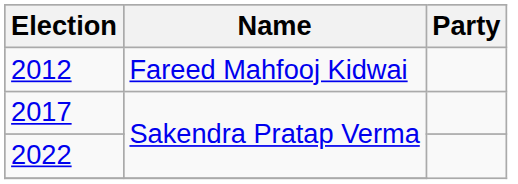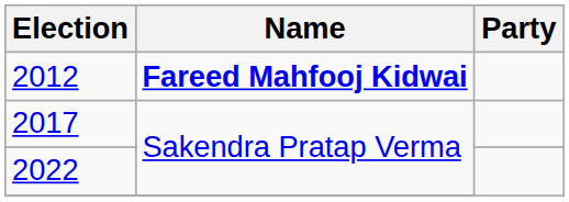 <table class="wikitable sortable">
 <tr>
 <th>Election</th>
 <th>Name</th>
 <th colspan=2>Party</th>
 </tr>
 <tr>
 <td><a href='#'>2012</a></td>
-<td><a href='#'>Fareed Mahfooj Kidwai</a></td>
+<td><strong><a href='#'>Fareed Mahfooj Kidwai</a></strong></td>
 <td></td>
 </tr>
 <tr>
 <td><a href='#'>2017</a></td>
 <td rowspan=2><a href='#'>Sakendra Pratap Verma</a></td>
 <td></td>
 </tr>
 <tr>
 <td><a href='#'>2022</a></td>
 </tr>
 <tr>
 </tr>
 </table>
